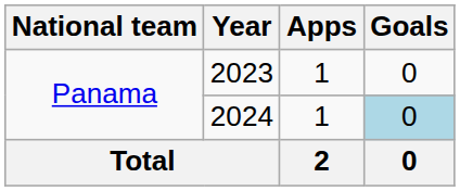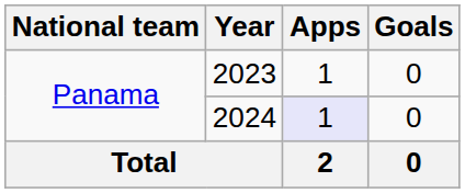 <table class="wikitable" style="text-align:center">
 <tr>
 <th>National team</th>
 <th>Year</th>
 <th>Apps</th>
 <th>Goals</th>
 </tr>
 <tr>
 <td rowspan="2"><a href='#'>Panama</a></td>
 <td>2023</td>
 <td>1</td>
 <td>0</td>
 </tr>
 <tr>
 <td>2024</td>
-<td>1</td>
-<td style="background: lightblue;">0</td>
+<td style="background: lavender;">1</td>
+<td>0</td>
 </tr>
 <tr>
 <th colspan="2">Total</th>
 <th>2</th>
 <th>0</th>
 </tr>
 </table>
